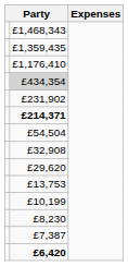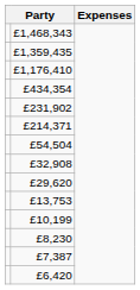 <table class="wikitable sortable" style="text-align:right; font-size:95%;">
 <tr>
 <th colspan="2">Party</th>
 <th>Expenses</th>
 </tr>
 <tr>
 <td></td>
 <td>£1,468,343</td>
 </tr>
 <tr>
 <td></td>
 <td>£1,359,435</td>
 </tr>
 <tr>
 <td></td>
 <td>£1,176,410</td>
 </tr>
 <tr>
 <td></td>
-<td style="background: lightgrey;">£434,354</td>
+<td>£434,354</td>
 </tr>
 <tr>
 <td></td>
 <td>£231,902</td>
 </tr>
 <tr>
 <td></td>
-<td><strong>£214,371</strong></td>
+<td>£214,371</td>
 </tr>
 <tr>
 <td></td>
 <td>£54,504</td>
 </tr>
 <tr>
 <td></td>
 <td>£32,908</td>
 </tr>
 <tr>
 <td></td>
 <td>£29,620</td>
 </tr>
 <tr>
 <td></td>
 <td>£13,753</td>
 </tr>
 <tr>
 <td></td>
 <td>£10,199</td>
 </tr>
 <tr>
 <td></td>
 <td>£8,230</td>
 </tr>
 <tr>
 <td></td>
 <td>£7,387</td>
 </tr>
 <tr>
 <td></td>
-<td><strong>£6,420</strong></td>
+<td>£6,420</td>
 </tr>
 </table>
